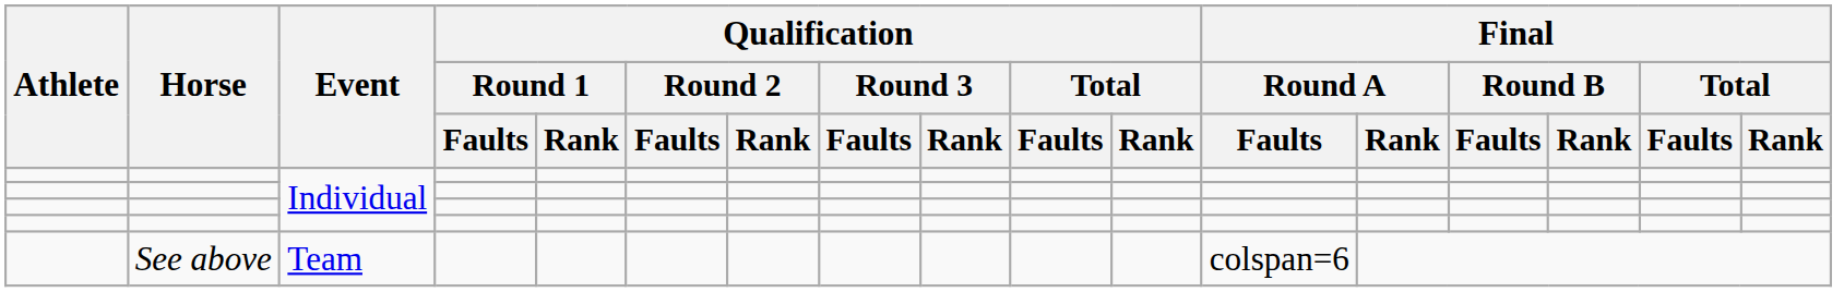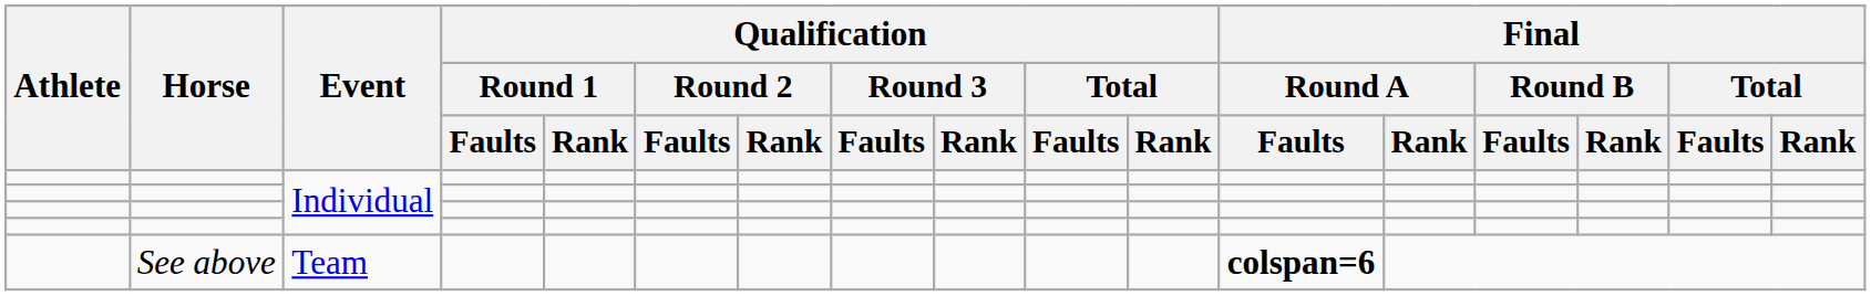 <table class=wikitable style=font-size:90%;text-align:center>
 <tr>
 <th rowspan=3>Athlete</th>
 <th rowspan=3>Horse</th>
 <th rowspan=3>Event</th>
 <th colspan=8>Qualification</th>
 <th colspan=6>Final</th>
 </tr>
 <tr style=font-size:95%>
 <th colspan=2>Round 1</th>
 <th colspan=2>Round 2</th>
 <th colspan=2>Round 3</th>
 <th colspan=2>Total</th>
 <th colspan=2>Round A</th>
 <th colspan=2>Round B</th>
 <th colspan=2>Total</th>
 </tr>
 <tr style=font-size:95%>
 <th>Faults</th>
 <th>Rank</th>
 <th>Faults</th>
 <th>Rank</th>
 <th>Faults</th>
 <th>Rank</th>
 <th>Faults</th>
 <th>Rank</th>
 <th>Faults</th>
 <th>Rank</th>
 <th>Faults</th>
 <th>Rank</th>
 <th>Faults</th>
 <th>Rank</th>
 </tr>
 <tr>
 <td align=left></td>
 <td align=left></td>
 <td align=left rowspan=4><a href='#'>Individual</a></td>
 <td></td>
 <td></td>
 <td></td>
 <td></td>
 <td></td>
 <td></td>
 <td></td>
 <td></td>
 <td></td>
 <td></td>
 <td></td>
 <td></td>
 <td></td>
 <td></td>
 </tr>
 <tr>
 <td align=left></td>
 <td align=left></td>
 <td></td>
 <td></td>
 <td></td>
 <td></td>
 <td></td>
 <td></td>
 <td></td>
 <td></td>
 <td></td>
 <td></td>
 <td></td>
 <td></td>
 <td></td>
 <td></td>
 </tr>
 <tr>
 <td align=left></td>
 <td align=left></td>
 <td></td>
 <td></td>
 <td></td>
 <td></td>
 <td></td>
 <td></td>
 <td></td>
 <td></td>
 <td></td>
 <td></td>
 <td></td>
 <td></td>
 <td></td>
 <td></td>
 </tr>
 <tr>
 <td align=left></td>
 <td align=left></td>
 <td></td>
 <td></td>
 <td></td>
 <td></td>
 <td></td>
 <td></td>
 <td></td>
 <td></td>
 <td></td>
 <td></td>
 <td></td>
 <td></td>
 <td></td>
 <td></td>
 </tr>
 <tr>
 <td align=left></td>
 <td align=left><em>See above</em></td>
 <td align=left><a href='#'>Team</a></td>
 <td></td>
 <td></td>
 <td></td>
 <td></td>
 <td></td>
 <td></td>
 <td></td>
 <td></td>
-<td>colspan=6 </td>
+<td><strong>colspan=6 </strong></td>
 </tr>
 </table>
